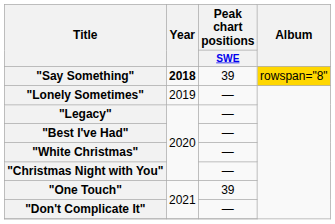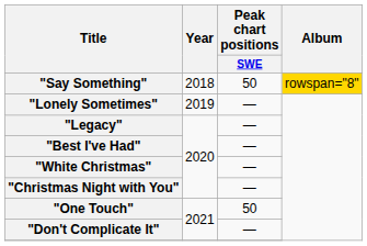 <table class="wikitable plainrowheaders" style="text-align:center;">
 <tr>
 <th scope="col" rowspan="2">Title</th>
 <th scope="col" rowspan="2">Year</th>
 <th scope="col" colspan="1">Peak chart positions</th>
 <th scope="col" rowspan="2">Album</th>
 </tr>
 <tr>
 <th scope="col" style="width:3em;font-size:85%;"><a href='#'>SWE</a></th>
 </tr>
 <tr>
 <th scope="row">"Say Something"</th>
-<td><strong>2018</strong></td>
-<td>39<br></td>
+<td>2018</td>
+<td>50<br></td>
 <td style="background: gold;">rowspan="8" </td>
 </tr>
 <tr>
 <th scope="row">"Lonely Sometimes"</th>
 <td>2019</td>
 <td>—</td>
 </tr>
 <tr>
 <th scope="row">"Legacy"</th>
 <td rowspan="4">2020</td>
 <td>—</td>
 </tr>
 <tr>
 <th scope="row">"Best I've Had"</th>
 <td>—</td>
 </tr>
 <tr>
 <th scope="row">"White Christmas"</th>
 <td>—</td>
 </tr>
 <tr>
 <th scope="row">"Christmas Night with You"</th>
 <td>—</td>
 </tr>
 <tr>
 <th scope="row">"One Touch"</th>
 <td rowspan="2">2021</td>
-<td>39<br></td>
+<td>50<br></td>
 </tr>
 <tr>
 <th scope="row">"Don't Complicate It"</th>
 <td>—</td>
 </tr>
 <tr>
 </tr>
 </table>
